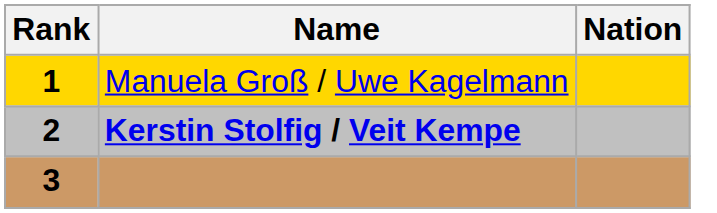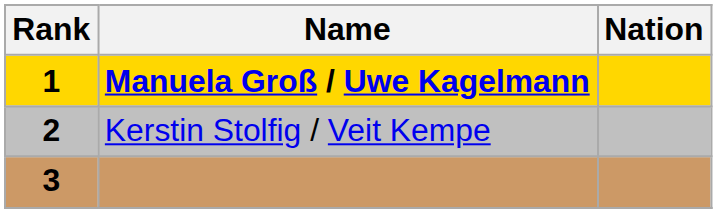 <table class="wikitable">
 <tr>
 <th>Rank</th>
 <th>Name</th>
 <th>Nation</th>
 </tr>
 <tr bgcolor="gold">
 <td align="center"><strong>1</strong></td>
-<td><a href='#'>Manuela Groß</a> / <a href='#'>Uwe Kagelmann</a></td>
+<td><strong><a href='#'>Manuela Groß</a> / <a href='#'>Uwe Kagelmann</a></strong></td>
 <td></td>
 </tr>
 <tr bgcolor="silver">
 <td align="center"><strong>2</strong></td>
-<td><strong><a href='#'>Kerstin Stolfig</a> / <a href='#'>Veit Kempe</a></strong></td>
+<td><a href='#'>Kerstin Stolfig</a> / <a href='#'>Veit Kempe</a></td>
 <td></td>
 </tr>
 <tr bgcolor="cc9966">
 <td align="center"><strong>3</strong></td>
 <td></td>
 <td></td>
 </tr>
 <tr>
 </tr>
 </table>
